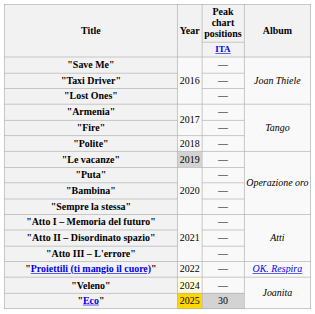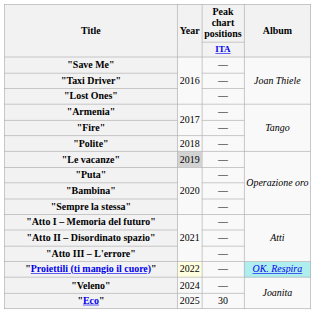 <table class="wikitable plainrowheaders" style="text-align:center;">
 <tr>
 <th scope="col" rowspan="2"style="width:17em;">Title</th>
 <th scope="col" rowspan="2">Year</th>
 <th scope="col" colspan="1">Peak chart positions</th>
 <th scope="col" rowspan="2">Album</th>
 </tr>
 <tr>
 <th scope="col" style="width:3em;font-size:90%;"><a href='#'>ITA</a><br></th>
 </tr>
 <tr>
 <th scope="row">"Save Me"</th>
 <td rowspan="3">2016</td>
 <td>—</td>
 <td rowspan="3"><em>Joan Thiele</em></td>
 </tr>
 <tr>
 <th scope="row">"Taxi Driver"</th>
 <td>—</td>
 </tr>
 <tr>
 <th scope="row">"Lost Ones"</th>
 <td>—</td>
 </tr>
 <tr>
 <th scope="row">"Armenia"</th>
 <td rowspan="2">2017</td>
 <td>—</td>
 <td rowspan="3"><em>Tango</em></td>
 </tr>
 <tr>
 <th scope="row">"Fire"</th>
 <td>—</td>
 </tr>
 <tr>
 <th scope="row">"Polite"</th>
 <td>2018</td>
 <td>—</td>
 </tr>
 <tr>
 <th scope="row">"Le vacanze"</th>
 <td style="background: lightgrey;">2019</td>
 <td>—</td>
 <td rowspan="4"><em>Operazione oro</em></td>
 </tr>
 <tr>
 <th scope="row">"Puta"</th>
 <td rowspan="3">2020</td>
 <td>—</td>
 </tr>
 <tr>
 <th scope="row">"Bambina"</th>
 <td>—</td>
 </tr>
 <tr>
 <th scope="row">"Sempre la stessa"</th>
 <td>—</td>
 </tr>
 <tr>
 <th scope="row">"Atto I – Memoria del futuro"</th>
 <td rowspan="3">2021</td>
 <td>—</td>
 <td rowspan="3"><em>Atti</em></td>
 </tr>
 <tr>
 <th scope="row">"Atto II – Disordinato spazio"</th>
 <td>—</td>
 </tr>
 <tr>
 <th scope="row">"Atto III – L'errore"</th>
 <td>—</td>
 </tr>
 <tr>
 <th scope="row">"<a href='#'>Proiettili (ti mangio il cuore)</a>"<br></th>
-<td>2022</td>
+<td style="background: lightyellow;">2022</td>
 <td>—</td>
-<td><em><a href='#'>OK. Respira</a></em></td>
+<td style="background: paleturquoise;"><em><a href='#'>OK. Respira</a></em></td>
 </tr>
 <tr>
 <th scope="row">"Veleno"</th>
-<td style="background: lightyellow;">2024</td>
+<td>2024</td>
 <td>—</td>
 <td rowspan="2"><em>Joanita</em></td>
 </tr>
 <tr>
 <th scope="row">"<a href='#'>Eco</a>"</th>
-<td style="background: gold;">2025</td>
-<td style="background: lightgrey;">30</td>
+<td>2025</td>
+<td>30</td>
 </tr>
 </table>
